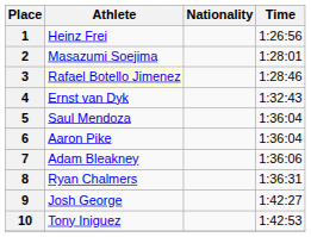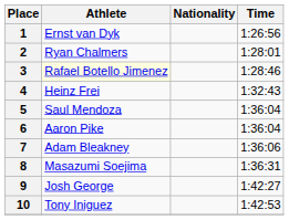 <table class="wikitable sortable">
 <tr>
 <th>Place</th>
 <th>Athlete</th>
 <th>Nationality</th>
 <th>Time</th>
 </tr>
 <tr>
 <th>1</th>
-<td><a href='#'>Heinz Frei</a></td>
+<td><a href='#'>Ernst van Dyk</a></td>
 <td></td>
 <td>1:26:56</td>
 </tr>
 <tr>
 <th>2</th>
-<td><a href='#'>Masazumi Soejima</a></td>
+<td><a href='#'>Ryan Chalmers</a></td>
 <td></td>
 <td>1:28:01</td>
 </tr>
 <tr>
 <th>3</th>
 <td style="background: lightyellow;"><a href='#'>Rafael Botello Jimenez</a></td>
 <td></td>
 <td>1:28:46</td>
 </tr>
 <tr>
 <th>4</th>
-<td><a href='#'>Ernst van Dyk</a></td>
+<td><a href='#'>Heinz Frei</a></td>
 <td></td>
 <td>1:32:43</td>
 </tr>
 <tr>
 <th>5</th>
 <td><a href='#'>Saul Mendoza</a></td>
 <td></td>
 <td>1:36:04</td>
 </tr>
 <tr>
 <th>6</th>
 <td><a href='#'>Aaron Pike</a></td>
 <td></td>
 <td>1:36:04</td>
 </tr>
 <tr>
 <th>7</th>
 <td><a href='#'>Adam Bleakney</a></td>
 <td></td>
 <td>1:36:06</td>
 </tr>
 <tr>
 <th>8</th>
-<td><a href='#'>Ryan Chalmers</a></td>
+<td><a href='#'>Masazumi Soejima</a></td>
 <td></td>
 <td>1:36:31</td>
 </tr>
 <tr>
 <th>9</th>
 <td><a href='#'>Josh George</a></td>
 <td></td>
 <td>1:42:27</td>
 </tr>
 <tr>
 <th>10</th>
 <td><a href='#'>Tony Iniguez</a></td>
 <td></td>
 <td>1:42:53</td>
 </tr>
 <tr>
 </tr>
 </table>
